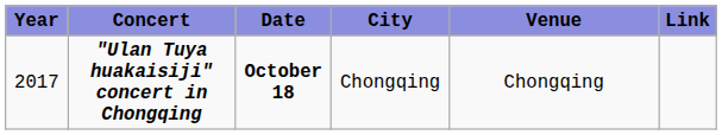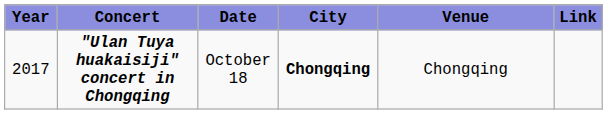 <table class="wikitable sortable mw-collapsible" width="80%" style="text-align:center">
 <tr align="center" style="background:#8B8EDE">
 <td style="width:2%"><strong>Year</strong></td>
 <td style="width:8%"><strong>Concert</strong></td>
 <td style="width:2%"><strong>Date</strong></td>
 <td style="width:2%"><strong>City</strong></td>
 <td style="width:18%"><strong>Venue</strong></td>
 <td style="width:1%"><strong>Link</strong></td>
 </tr>
 <tr>
 <td rowspan="2">2017</td>
 <td rowspan="2"><strong><em>"Ulan Tuya huakaisiji" concert in Chongqing</em></strong></td>
-<td><strong>October 18</strong></td>
-<td>Chongqing</td>
+<td>October 18</td>
+<td><strong>Chongqing</strong></td>
 <td>Chongqing</td>
 <td></td>
 </tr>
 </table>
